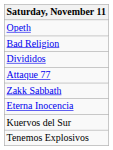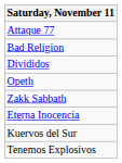 <table class="wikitable">
 <tr>
 <th>Saturday, November 11</th>
 </tr>
 <tr>
-<td><a href='#'>Opeth</a></td>
+<td><a href='#'>Attaque 77</a></td>
 </tr>
 <tr>
 <td><a href='#'>Bad Religion</a></td>
 </tr>
 <tr>
 <td><a href='#'>Divididos</a></td>
 </tr>
 <tr>
-<td><a href='#'>Attaque 77</a></td>
+<td><a href='#'>Opeth</a></td>
 </tr>
 <tr>
 <td><a href='#'>Zakk Sabbath</a></td>
 </tr>
 <tr>
 <td><a href='#'>Eterna Inocencia</a></td>
 </tr>
 <tr>
 <td>Kuervos del Sur</td>
 </tr>
 <tr>
 <td>Tenemos Explosivos</td>
 </tr>
 </table>
